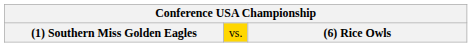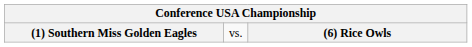 <table class="wikitable">
 <tr>
 <th style="width: 604px;" colspan=3>Conference USA Championship</th>
 </tr>
 <tr>
 <th style="width: 289px; ">(1) Southern Miss Golden Eagles</th>
-<td style="background: gold; width: 25px; text-align:center">vs.</td>
+<td style="width: 25px; text-align:center">vs.</td>
 <th style="width: 289px; ">(6) Rice Owls</th>
 </tr>
 </table>
